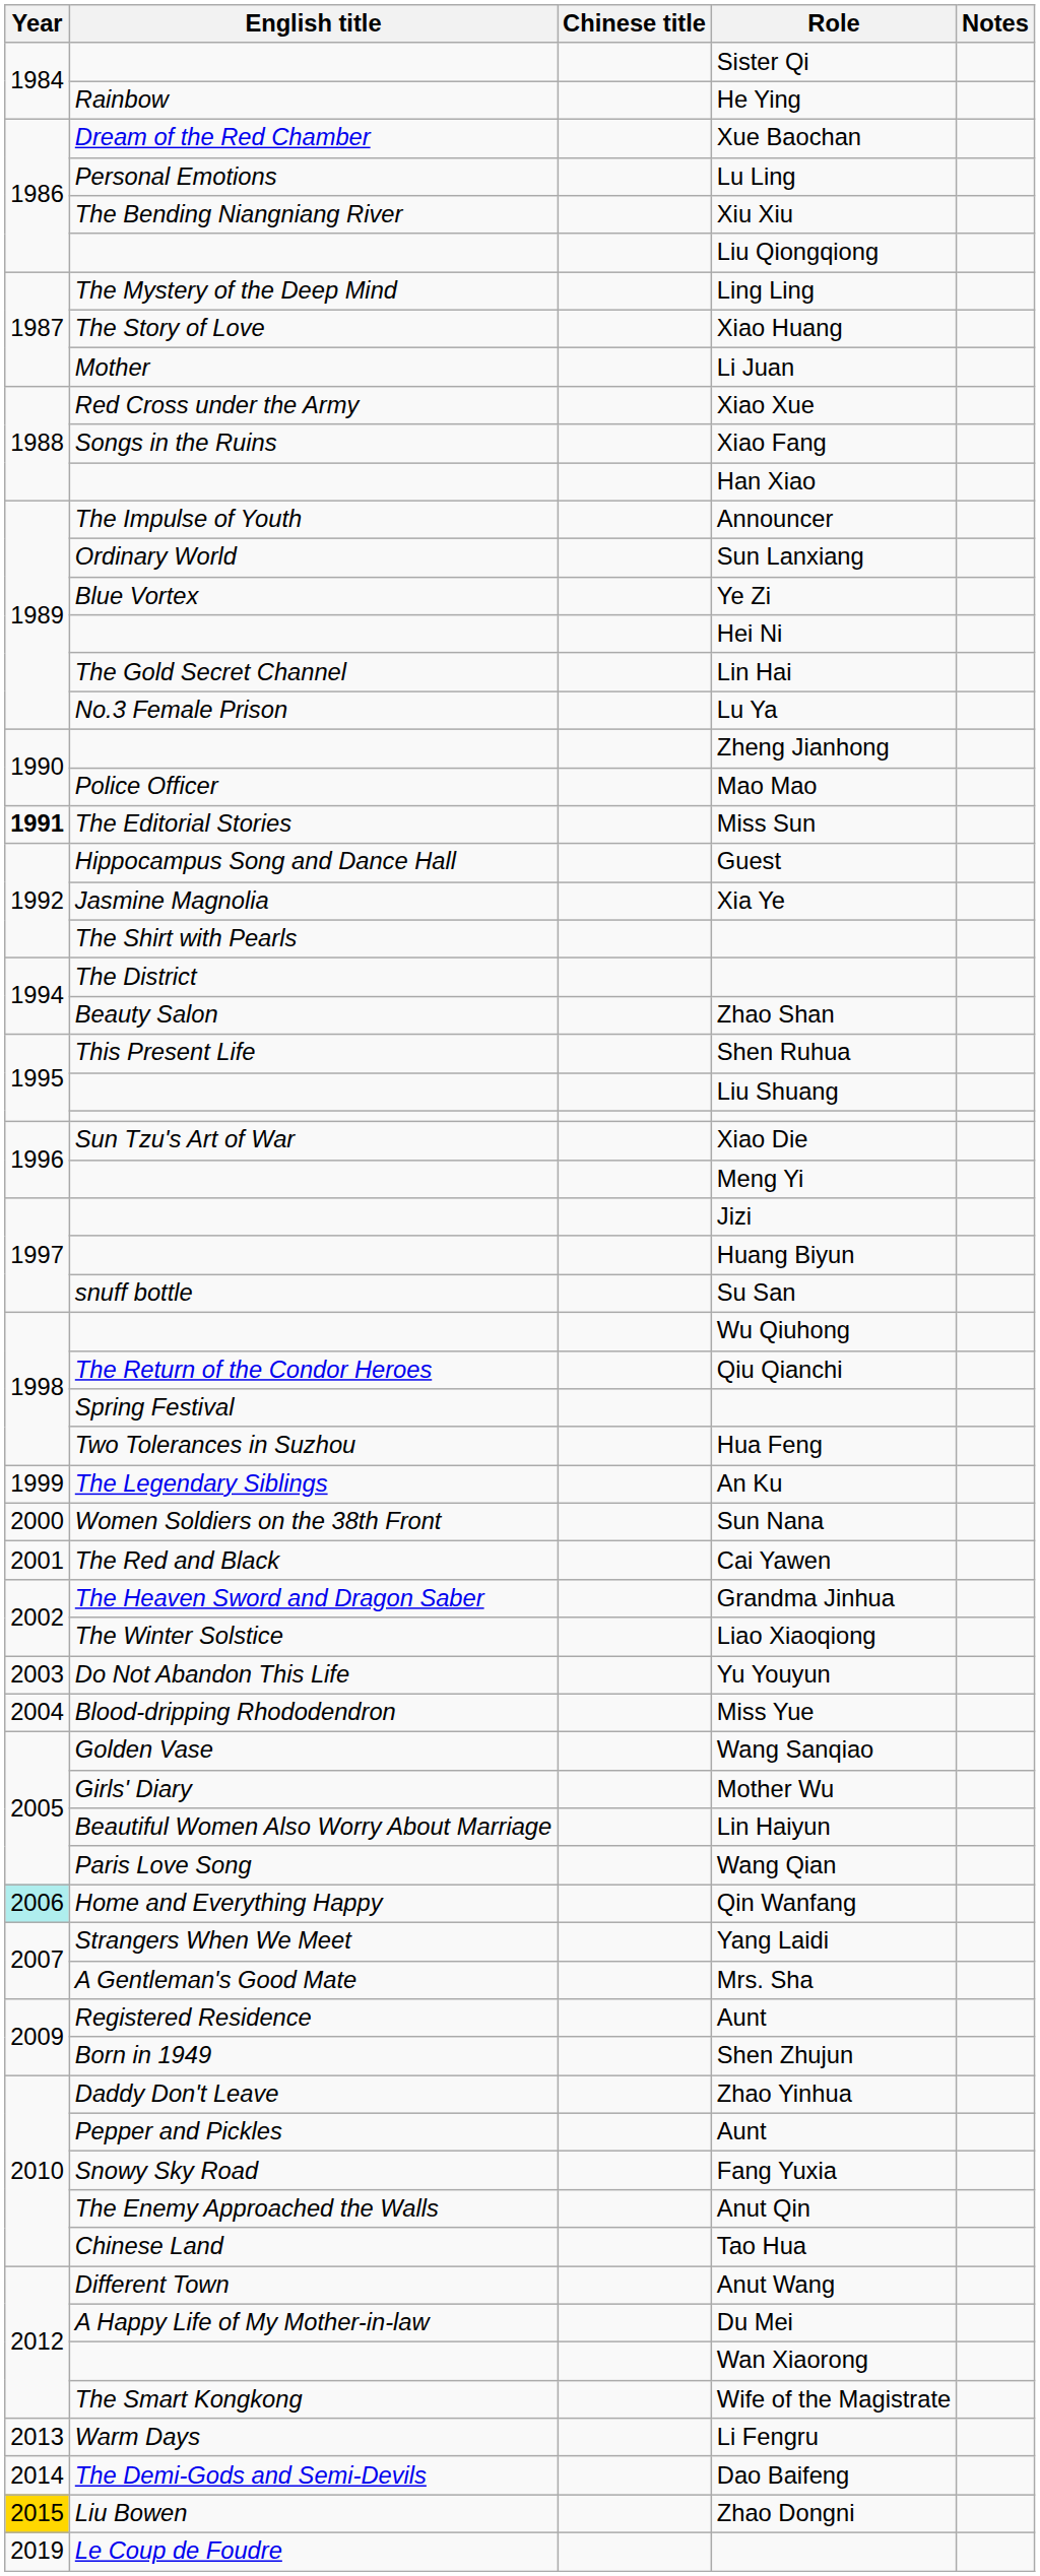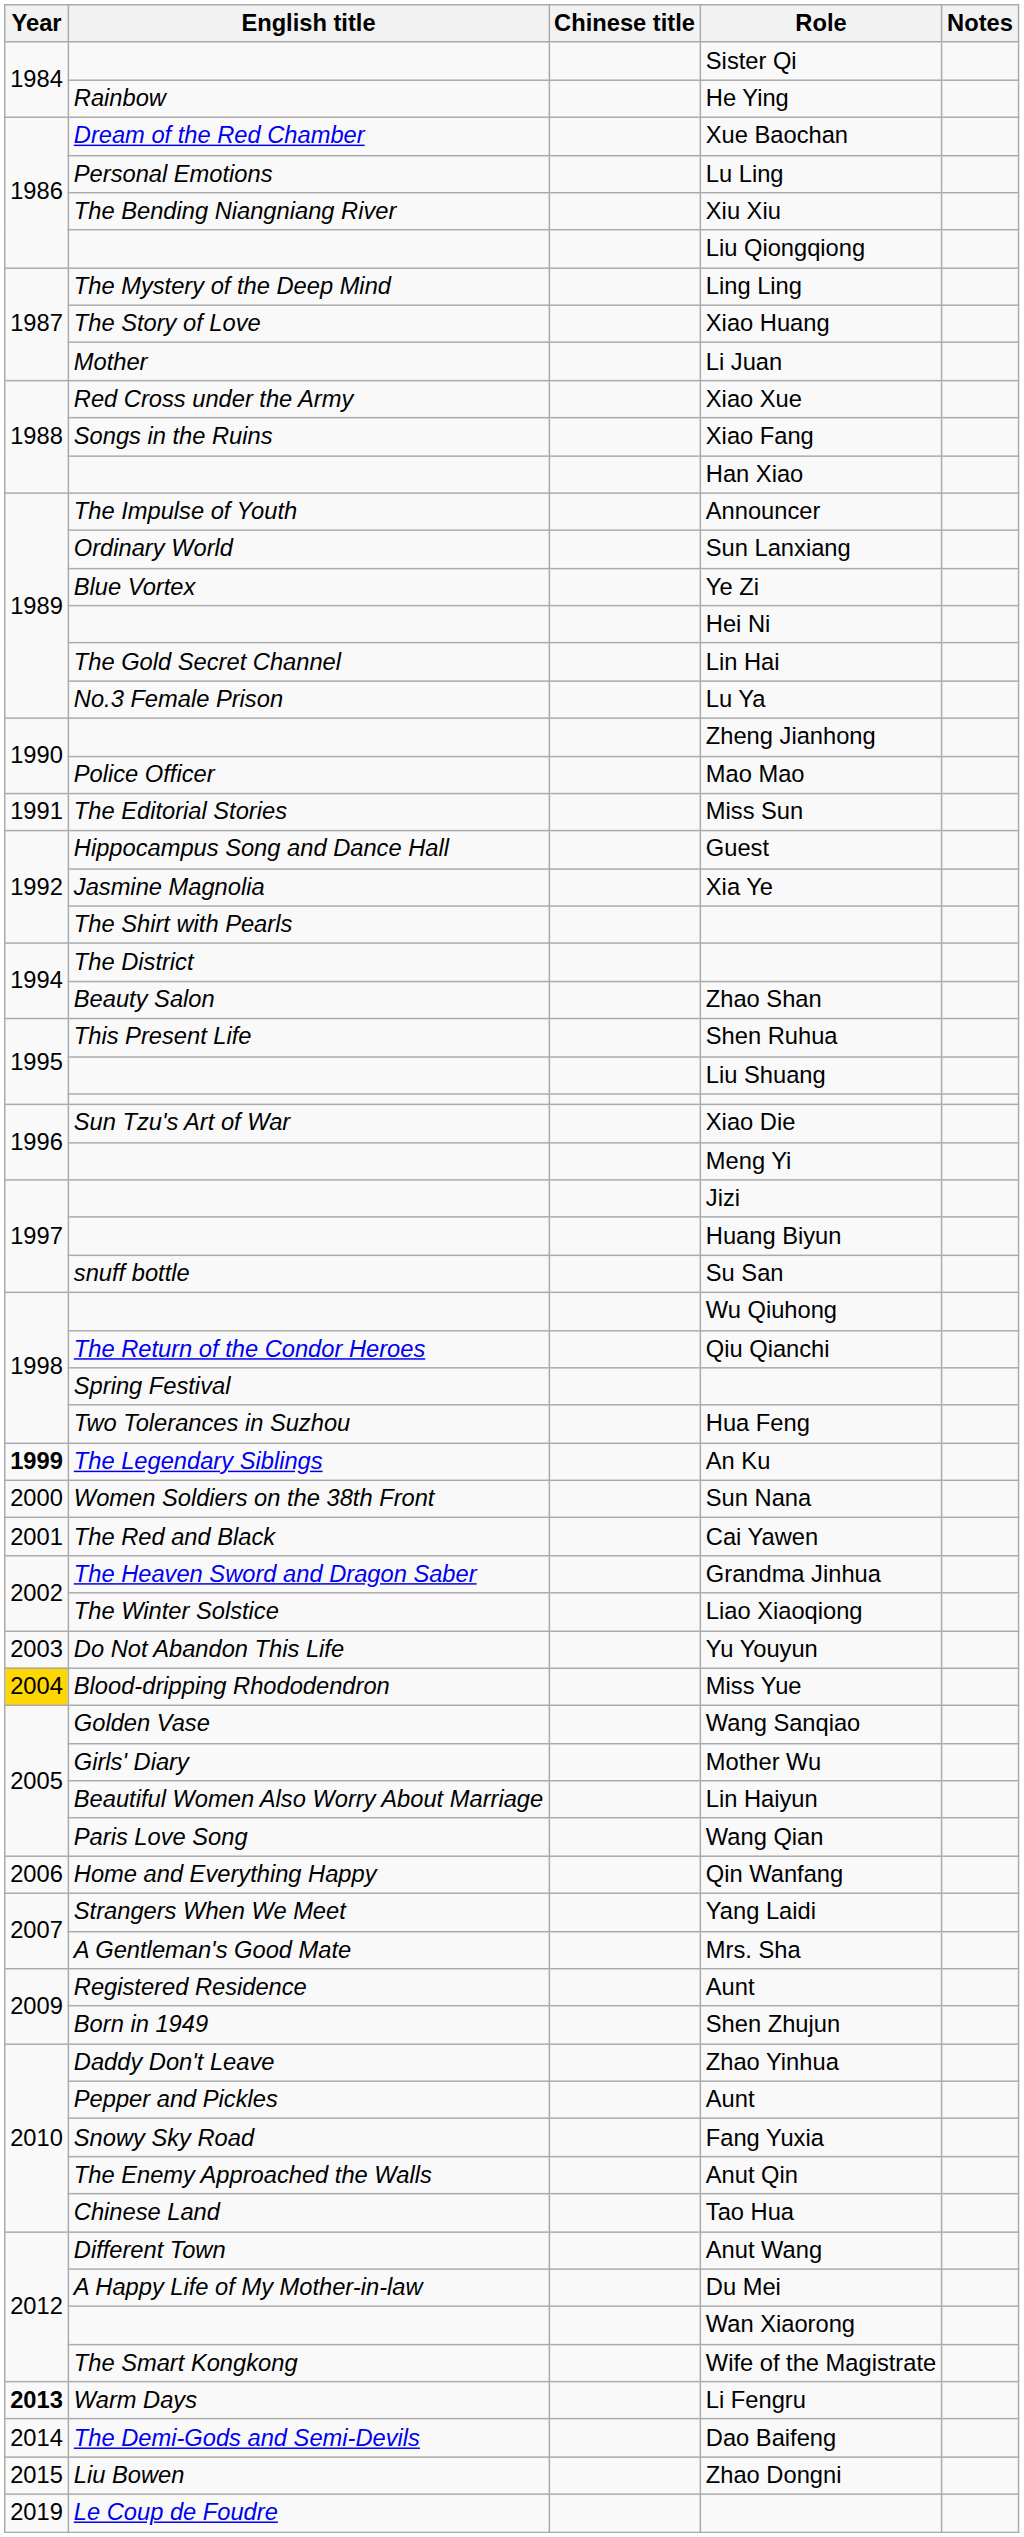 <table class="wikitable">
 <tr>
 <th>Year</th>
 <th>English title</th>
 <th>Chinese title</th>
 <th>Role</th>
 <th>Notes</th>
 </tr>
 <tr>
 <td rowspan=2>1984</td>
 <td></td>
 <td></td>
 <td>Sister Qi</td>
 <td></td>
 </tr>
 <tr>
 <td><em>Rainbow</em></td>
 <td></td>
 <td>He Ying</td>
 <td></td>
 </tr>
 <tr>
 <td rowspan=4>1986</td>
 <td><em><a href='#'>Dream of the Red Chamber</a></em></td>
 <td></td>
 <td>Xue Baochan</td>
 <td></td>
 </tr>
 <tr>
 <td><em>Personal Emotions</em></td>
 <td></td>
 <td>Lu Ling</td>
 <td></td>
 </tr>
 <tr>
 <td><em>The Bending Niangniang River</em></td>
 <td></td>
 <td>Xiu Xiu</td>
 <td></td>
 </tr>
 <tr>
 <td></td>
 <td></td>
 <td>Liu Qiongqiong</td>
 <td></td>
 </tr>
 <tr>
 <td rowspan=3>1987</td>
 <td><em>The Mystery of the Deep Mind</em></td>
 <td></td>
 <td>Ling Ling</td>
 <td></td>
 </tr>
 <tr>
 <td><em>The Story of Love</em></td>
 <td></td>
 <td>Xiao Huang</td>
 <td></td>
 </tr>
 <tr>
 <td><em>Mother</em></td>
 <td></td>
 <td>Li Juan</td>
 <td></td>
 </tr>
 <tr>
 <td rowspan=3>1988</td>
 <td><em>Red Cross under the Army</em></td>
 <td></td>
 <td>Xiao Xue</td>
 <td></td>
 </tr>
 <tr>
 <td><em>Songs in the Ruins</em></td>
 <td></td>
 <td>Xiao Fang</td>
 <td></td>
 </tr>
 <tr>
 <td></td>
 <td></td>
 <td>Han Xiao</td>
 <td></td>
 </tr>
 <tr>
 <td rowspan=6>1989</td>
 <td><em>The Impulse of Youth</em></td>
 <td></td>
 <td>Announcer</td>
 <td></td>
 </tr>
 <tr>
 <td><em>Ordinary World</em></td>
 <td></td>
 <td>Sun Lanxiang</td>
 <td></td>
 </tr>
 <tr>
 <td><em>Blue Vortex</em></td>
 <td></td>
 <td>Ye Zi</td>
 <td></td>
 </tr>
 <tr>
 <td></td>
 <td></td>
 <td>Hei Ni</td>
 <td></td>
 </tr>
 <tr>
 <td><em>The Gold Secret Channel</em></td>
 <td></td>
 <td>Lin Hai</td>
 <td></td>
 </tr>
 <tr>
 <td><em>No.3 Female Prison</em></td>
 <td></td>
 <td>Lu Ya</td>
 <td></td>
 </tr>
 <tr>
 <td rowspan=2>1990</td>
 <td></td>
 <td></td>
 <td>Zheng Jianhong</td>
 <td></td>
 </tr>
 <tr>
 <td><em>Police Officer</em></td>
 <td></td>
 <td>Mao Mao</td>
 <td></td>
 </tr>
 <tr>
-<td><strong>1991</strong></td>
+<td>1991</td>
 <td><em>The Editorial Stories</em></td>
 <td></td>
 <td>Miss Sun</td>
 <td></td>
 </tr>
 <tr>
 <td rowspan=3>1992</td>
 <td><em>Hippocampus Song and Dance Hall</em></td>
 <td></td>
 <td>Guest</td>
 <td></td>
 </tr>
 <tr>
 <td><em>Jasmine Magnolia</em></td>
 <td></td>
 <td>Xia Ye</td>
 <td></td>
 </tr>
 <tr>
 <td><em>The Shirt with Pearls</em></td>
 <td></td>
 <td></td>
 <td></td>
 </tr>
 <tr>
 <td rowspan=2>1994</td>
 <td><em>The District</em></td>
 <td></td>
 <td></td>
 <td></td>
 </tr>
 <tr>
 <td><em>Beauty Salon</em></td>
 <td></td>
 <td>Zhao Shan</td>
 <td></td>
 </tr>
 <tr>
 <td rowspan=3>1995</td>
 <td><em>This Present Life</em></td>
 <td></td>
 <td>Shen Ruhua</td>
 <td></td>
 </tr>
 <tr>
 <td></td>
 <td></td>
 <td>Liu Shuang</td>
 <td></td>
 </tr>
 <tr>
 <td></td>
 <td></td>
 <td></td>
 <td></td>
 </tr>
 <tr>
 <td rowspan=2>1996</td>
 <td><em>Sun Tzu's Art of War</em></td>
 <td></td>
 <td>Xiao Die</td>
 <td></td>
 </tr>
 <tr>
 <td></td>
 <td></td>
 <td>Meng Yi</td>
 <td></td>
 </tr>
 <tr>
 <td rowspan=3>1997</td>
 <td></td>
 <td></td>
 <td>Jizi</td>
 <td></td>
 </tr>
 <tr>
 <td></td>
 <td></td>
 <td>Huang Biyun</td>
 <td></td>
 </tr>
 <tr>
 <td><em>snuff bottle</em></td>
 <td></td>
 <td>Su San</td>
 <td></td>
 </tr>
 <tr>
 <td rowspan=4>1998</td>
 <td></td>
 <td></td>
 <td>Wu Qiuhong</td>
 <td></td>
 </tr>
 <tr>
 <td><em><a href='#'>The Return of the Condor Heroes</a></em></td>
 <td></td>
 <td>Qiu Qianchi</td>
 <td></td>
 </tr>
 <tr>
 <td><em>Spring Festival</em></td>
 <td></td>
 <td></td>
 <td></td>
 </tr>
 <tr>
 <td><em>Two Tolerances in Suzhou</em></td>
 <td></td>
 <td>Hua Feng</td>
 <td></td>
 </tr>
 <tr>
-<td>1999</td>
+<td><strong>1999</strong></td>
 <td><em><a href='#'>The Legendary Siblings</a></em></td>
 <td></td>
 <td>An Ku</td>
 <td></td>
 </tr>
 <tr>
 <td>2000</td>
 <td><em>Women Soldiers on the 38th Front</em></td>
 <td></td>
 <td>Sun Nana</td>
 <td></td>
 </tr>
 <tr>
 <td>2001</td>
 <td><em>The Red and Black</em></td>
 <td></td>
 <td>Cai Yawen</td>
 <td></td>
 </tr>
 <tr>
 <td rowspan=2>2002</td>
 <td><em><a href='#'>The Heaven Sword and Dragon Saber</a></em></td>
 <td></td>
 <td>Grandma Jinhua</td>
 <td></td>
 </tr>
 <tr>
 <td><em>The Winter Solstice</em></td>
 <td></td>
 <td>Liao Xiaoqiong</td>
 <td></td>
 </tr>
 <tr>
 <td>2003</td>
 <td><em>Do Not Abandon This Life</em></td>
 <td></td>
 <td>Yu Youyun</td>
 <td></td>
 </tr>
 <tr>
-<td>2004</td>
+<td style="background: gold;">2004</td>
 <td><em>Blood-dripping Rhododendron</em></td>
 <td></td>
 <td>Miss Yue</td>
 <td></td>
 </tr>
 <tr>
 <td rowspan=4>2005</td>
 <td><em>Golden Vase</em></td>
 <td></td>
 <td>Wang Sanqiao</td>
 <td></td>
 </tr>
 <tr>
 <td><em>Girls' Diary</em></td>
 <td></td>
 <td>Mother Wu</td>
 <td></td>
 </tr>
 <tr>
 <td><em>Beautiful Women Also Worry About Marriage</em></td>
 <td></td>
 <td>Lin Haiyun</td>
 <td></td>
 </tr>
 <tr>
 <td><em>Paris Love Song</em></td>
 <td></td>
 <td>Wang Qian</td>
 <td></td>
 </tr>
 <tr>
-<td style="background: paleturquoise;">2006</td>
+<td>2006</td>
 <td><em>Home and Everything Happy</em></td>
 <td></td>
 <td>Qin Wanfang</td>
 <td></td>
 </tr>
 <tr>
 <td rowspan=2>2007</td>
 <td><em>Strangers When We Meet</em></td>
 <td></td>
 <td>Yang Laidi</td>
 <td></td>
 </tr>
 <tr>
 <td><em>A Gentleman's Good Mate</em></td>
 <td></td>
 <td>Mrs. Sha</td>
 <td></td>
 </tr>
 <tr>
 <td rowspan=2>2009</td>
 <td><em>Registered Residence</em></td>
 <td></td>
 <td>Aunt</td>
 <td></td>
 </tr>
 <tr>
 <td><em>Born in 1949</em></td>
 <td></td>
 <td>Shen Zhujun</td>
 <td></td>
 </tr>
 <tr>
 <td rowspan=5>2010</td>
 <td><em>Daddy Don't Leave</em></td>
 <td></td>
 <td>Zhao Yinhua</td>
 <td></td>
 </tr>
 <tr>
 <td><em>Pepper and Pickles</em></td>
 <td></td>
 <td>Aunt</td>
 <td></td>
 </tr>
 <tr>
 <td><em>Snowy Sky Road</em></td>
 <td></td>
 <td>Fang Yuxia</td>
 <td></td>
 </tr>
 <tr>
 <td><em>The Enemy Approached the Walls</em></td>
 <td></td>
 <td>Anut Qin</td>
 <td></td>
 </tr>
 <tr>
 <td><em>Chinese Land</em></td>
 <td></td>
 <td>Tao Hua</td>
 <td></td>
 </tr>
 <tr>
 <td rowspan=4>2012</td>
 <td><em>Different Town</em></td>
 <td></td>
 <td>Anut Wang</td>
 <td></td>
 </tr>
 <tr>
 <td><em>A Happy Life of My Mother-in-law</em></td>
 <td></td>
 <td>Du Mei</td>
 <td></td>
 </tr>
 <tr>
 <td></td>
 <td></td>
 <td>Wan Xiaorong</td>
 <td></td>
 </tr>
 <tr>
 <td><em>The Smart Kongkong</em></td>
 <td></td>
 <td>Wife of the Magistrate</td>
 <td></td>
 </tr>
 <tr>
-<td>2013</td>
+<td><strong>2013</strong></td>
 <td><em>Warm Days</em></td>
 <td></td>
 <td>Li Fengru</td>
 <td></td>
 </tr>
 <tr>
 <td>2014</td>
 <td><em><a href='#'>The Demi-Gods and Semi-Devils</a></em></td>
 <td></td>
 <td>Dao Baifeng</td>
 <td></td>
 </tr>
 <tr>
-<td style="background: gold;">2015</td>
+<td>2015</td>
 <td><em>Liu Bowen</em></td>
 <td></td>
 <td>Zhao Dongni</td>
 <td></td>
 </tr>
 <tr>
 <td>2019</td>
 <td><em><a href='#'>Le Coup de Foudre</a></em></td>
 <td></td>
 <td></td>
 <td></td>
 </tr>
 <tr>
 </tr>
 </table>
